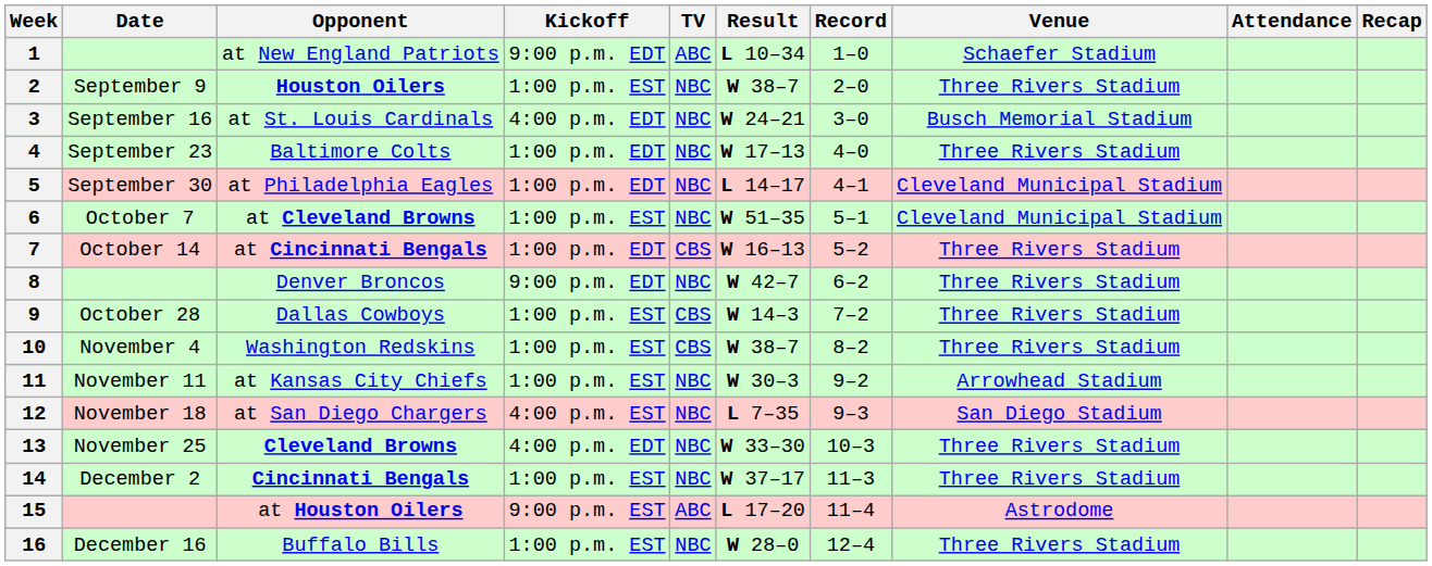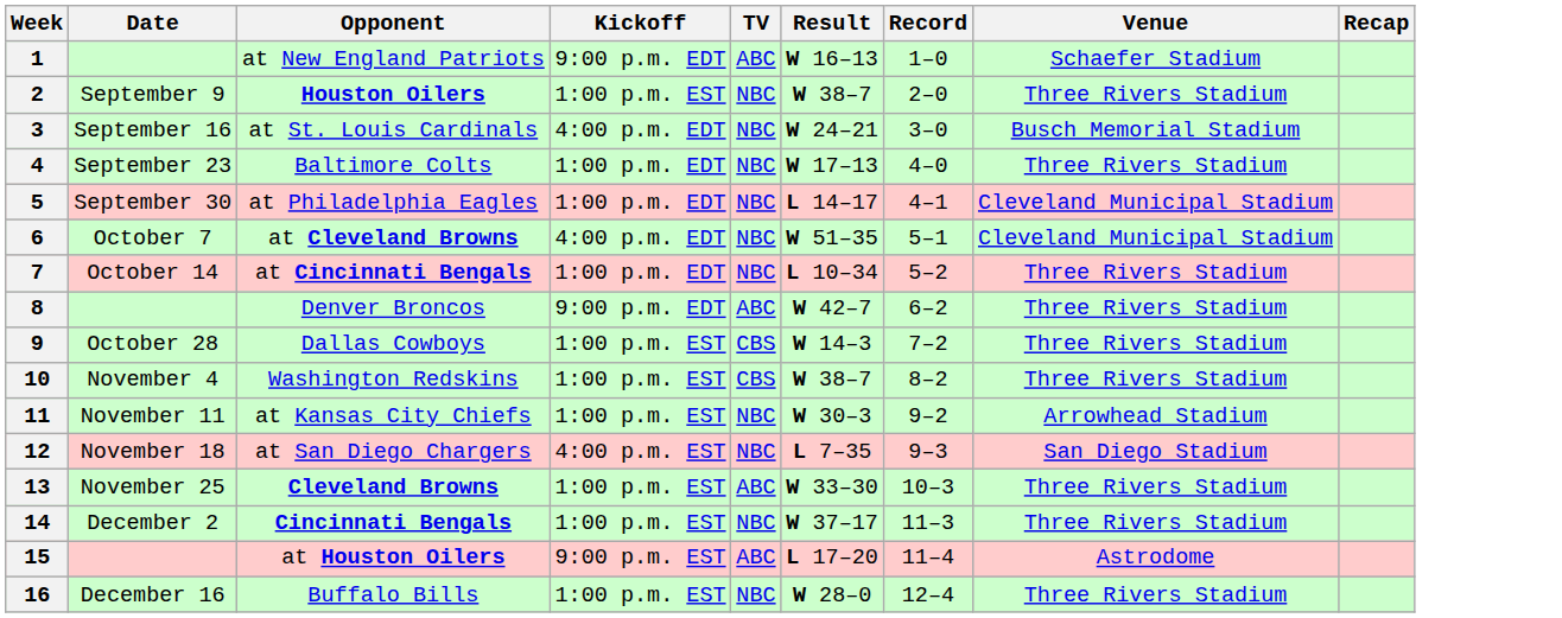 <table class="wikitable" style="text-align:center">
 <tr>
 <th>Week</th>
 <th>Date</th>
 <th>Opponent</th>
 <th>Kickoff</th>
 <th>TV</th>
 <th>Result</th>
 <th>Record</th>
 <th>Venue</th>
-<th>Attendance</th>
 <th>Recap</th>
 </tr>
 <tr style="background:#cfc">
 <th>1</th>
 <td></td>
 <td>at <a href='#'>New England Patriots</a></td>
 <td>9:00 p.m. <a href='#'>EDT</a></td>
 <td><a href='#'>ABC</a></td>
-<td><strong>L</strong> 10–34</td>
+<td><strong>W</strong> 16–13 </td>
 <td>1–0</td>
 <td><a href='#'>Schaefer Stadium</a></td>
-<td></td>
 <td></td>
 </tr>
 <tr style="background:#cfc">
 <th>2</th>
 <td>September 9</td>
 <td><strong><a href='#'>Houston Oilers</a></strong></td>
 <td>1:00 p.m. <a href='#'>EST</a></td>
 <td><a href='#'>NBC</a></td>
 <td><strong>W</strong> 38–7</td>
 <td>2–0</td>
 <td><a href='#'>Three Rivers Stadium</a></td>
 <td></td>
-<td></td>
 </tr>
 <tr style="background:#cfc">
 <th>3</th>
 <td>September 16</td>
 <td>at <a href='#'>St. Louis Cardinals</a></td>
 <td>4:00 p.m. <a href='#'>EDT</a></td>
 <td><a href='#'>NBC</a></td>
 <td><strong>W</strong> 24–21</td>
 <td>3–0</td>
 <td><a href='#'>Busch Memorial Stadium</a></td>
-<td></td>
 <td></td>
 </tr>
 <tr style="background:#cfc">
 <th>4</th>
 <td>September 23</td>
 <td><a href='#'>Baltimore Colts</a></td>
 <td>1:00 p.m. <a href='#'>EDT</a></td>
 <td><a href='#'>NBC</a></td>
 <td><strong>W</strong> 17–13</td>
 <td>4–0</td>
 <td><a href='#'>Three Rivers Stadium</a></td>
 <td></td>
-<td></td>
 </tr>
 <tr style="background:#fcc">
 <th>5</th>
 <td>September 30</td>
 <td>at <a href='#'>Philadelphia Eagles</a></td>
 <td>1:00 p.m. <a href='#'>EDT</a></td>
 <td><a href='#'>NBC</a></td>
 <td><strong>L</strong> 14–17</td>
 <td>4–1</td>
 <td><a href='#'>Cleveland Municipal Stadium</a></td>
 <td></td>
-<td></td>
 </tr>
 <tr style="background:#cfc">
 <th>6</th>
 <td>October 7</td>
 <td>at <strong><a href='#'>Cleveland Browns</a></strong></td>
-<td>1:00 p.m. <a href='#'>EST</a></td>
+<td>4:00 p.m. <a href='#'>EDT</a></td>
 <td><a href='#'>NBC</a></td>
 <td><strong>W</strong> 51–35</td>
 <td>5–1</td>
 <td><a href='#'>Cleveland Municipal Stadium</a></td>
-<td></td>
 <td></td>
 </tr>
 <tr style="background:#fcc">
 <th>7</th>
 <td>October 14</td>
 <td>at <strong><a href='#'>Cincinnati Bengals</a></strong></td>
 <td>1:00 p.m. <a href='#'>EDT</a></td>
-<td><a href='#'>CBS</a></td>
-<td><strong>W</strong> 16–13 </td>
+<td><a href='#'>NBC</a></td>
+<td><strong>L</strong> 10–34</td>
 <td>5–2</td>
 <td><a href='#'>Three Rivers Stadium</a></td>
-<td></td>
 <td></td>
 </tr>
 <tr style="background:#cfc">
 <th>8</th>
 <td></td>
 <td><a href='#'>Denver Broncos</a></td>
 <td>9:00 p.m. <a href='#'>EDT</a></td>
-<td><a href='#'>NBC</a></td>
+<td><a href='#'>ABC</a></td>
 <td><strong>W</strong> 42–7</td>
 <td>6–2</td>
 <td><a href='#'>Three Rivers Stadium</a></td>
-<td></td>
 <td></td>
 </tr>
 <tr style="background:#cfc">
 <th>9</th>
 <td>October 28</td>
 <td><a href='#'>Dallas Cowboys</a></td>
 <td>1:00 p.m. <a href='#'>EST</a></td>
 <td><a href='#'>CBS</a></td>
 <td><strong>W</strong> 14–3</td>
 <td>7–2</td>
 <td><a href='#'>Three Rivers Stadium</a></td>
 <td></td>
-<td></td>
 </tr>
 <tr style="background:#cfc">
 <th>10</th>
 <td>November 4</td>
 <td><a href='#'>Washington Redskins</a></td>
 <td>1:00 p.m. <a href='#'>EST</a></td>
 <td><a href='#'>CBS</a></td>
 <td><strong>W</strong> 38–7</td>
 <td>8–2</td>
 <td><a href='#'>Three Rivers Stadium</a></td>
-<td></td>
 <td></td>
 </tr>
 <tr style="background:#cfc">
 <th>11</th>
 <td>November 11</td>
 <td>at <a href='#'>Kansas City Chiefs</a></td>
 <td>1:00 p.m. <a href='#'>EST</a></td>
 <td><a href='#'>NBC</a></td>
 <td><strong>W</strong> 30–3</td>
 <td>9–2</td>
 <td><a href='#'>Arrowhead Stadium</a></td>
 <td></td>
-<td></td>
 </tr>
 <tr style="background:#fcc">
 <th>12</th>
 <td>November 18</td>
 <td>at <a href='#'>San Diego Chargers</a></td>
 <td>4:00 p.m. <a href='#'>EST</a></td>
 <td><a href='#'>NBC</a></td>
 <td><strong>L</strong> 7–35</td>
 <td>9–3</td>
 <td><a href='#'>San Diego Stadium</a></td>
 <td></td>
-<td></td>
 </tr>
 <tr style="background:#cfc">
 <th>13</th>
 <td>November 25</td>
 <td><strong><a href='#'>Cleveland Browns</a></strong></td>
-<td>4:00 p.m. <a href='#'>EDT</a></td>
-<td><a href='#'>NBC</a></td>
+<td>1:00 p.m. <a href='#'>EST</a></td>
+<td><a href='#'>ABC</a></td>
 <td><strong>W</strong> 33–30 </td>
 <td>10–3</td>
 <td><a href='#'>Three Rivers Stadium</a></td>
-<td></td>
 <td></td>
 </tr>
 <tr style="background:#cfc">
 <th>14</th>
 <td>December 2</td>
 <td><strong><a href='#'>Cincinnati Bengals</a></strong></td>
 <td>1:00 p.m. <a href='#'>EST</a></td>
 <td><a href='#'>NBC</a></td>
 <td><strong>W</strong> 37–17</td>
 <td>11–3</td>
 <td><a href='#'>Three Rivers Stadium</a></td>
 <td></td>
-<td></td>
 </tr>
 <tr style="background:#fcc">
 <th>15</th>
 <td></td>
 <td>at <strong><a href='#'>Houston Oilers</a></strong></td>
 <td>9:00 p.m. <a href='#'>EST</a></td>
 <td><a href='#'>ABC</a></td>
 <td><strong>L</strong> 17–20</td>
 <td>11–4</td>
 <td><a href='#'>Astrodome</a></td>
-<td></td>
 <td></td>
 </tr>
 <tr style="background:#cfc">
 <th>16</th>
 <td>December 16</td>
 <td><a href='#'>Buffalo Bills</a></td>
 <td>1:00 p.m. <a href='#'>EST</a></td>
 <td><a href='#'>NBC</a></td>
 <td><strong>W</strong> 28–0</td>
 <td>12–4</td>
 <td><a href='#'>Three Rivers Stadium</a></td>
 <td></td>
-<td></td>
 </tr>
 </table>
